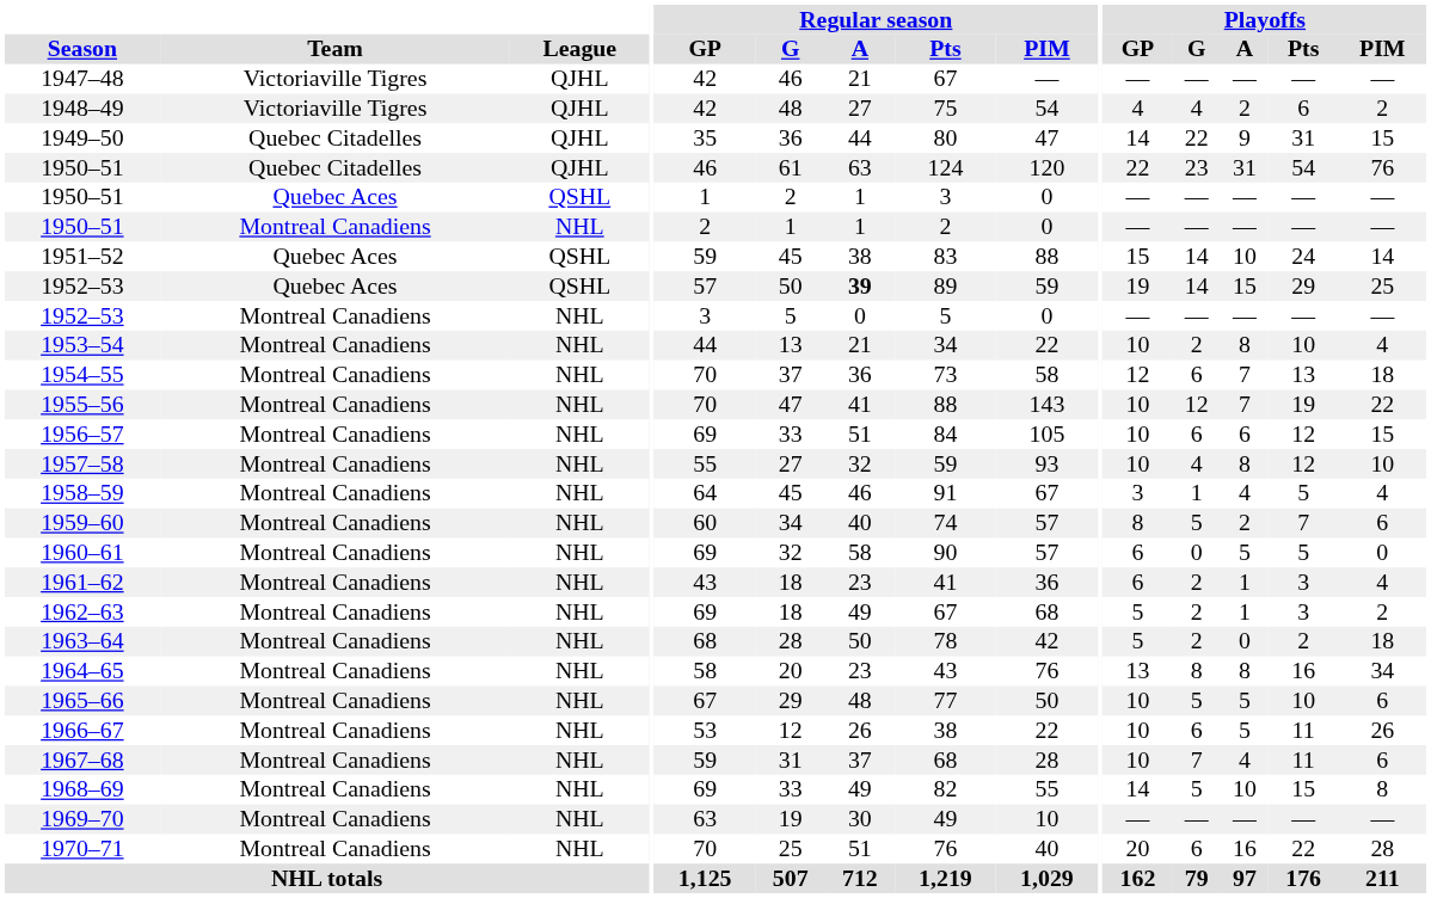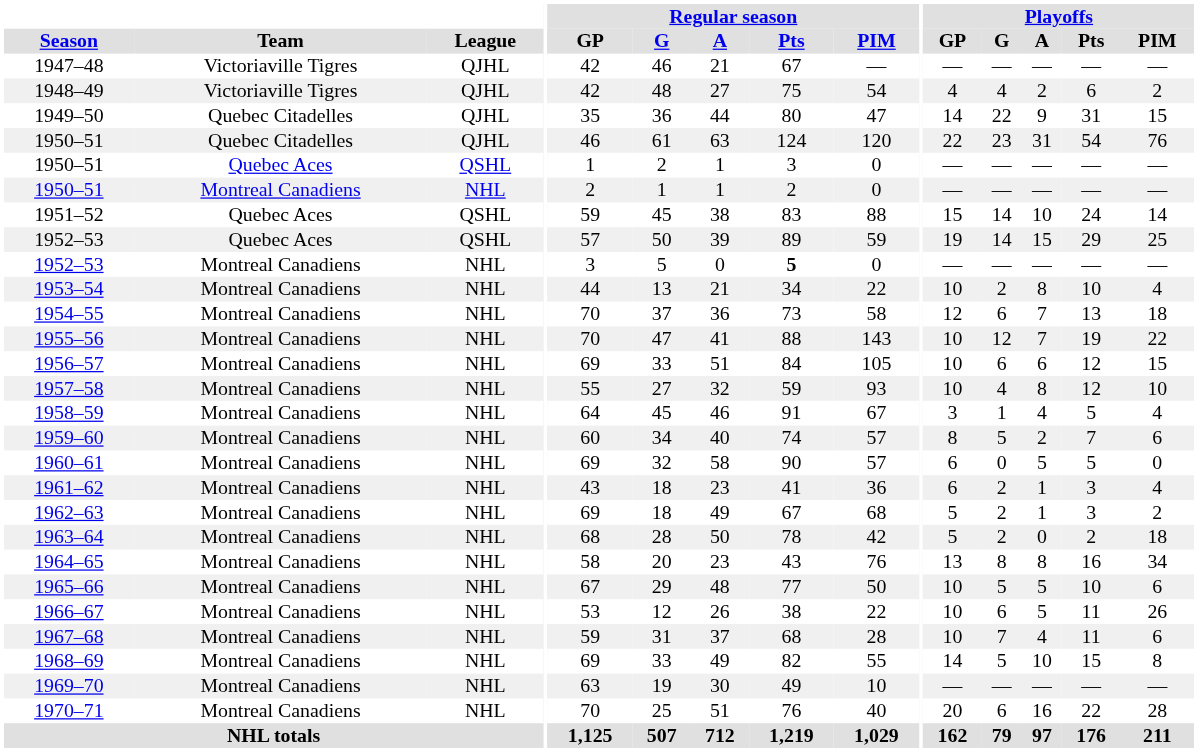 <table border="0" cellpadding="1" cellspacing="0" style="text-align:center; width:60em">
 <tr bgcolor="#e0e0e0">
 <th colspan="3" bgcolor="#ffffff"></th>
 <th rowspan="100" bgcolor="#ffffff"></th>
 <th colspan="5"><a href='#'>Regular season</a></th>
 <th rowspan="100" bgcolor="#ffffff"></th>
 <th colspan="5"><a href='#'>Playoffs</a></th>
 </tr>
 <tr bgcolor="#e0e0e0">
 <th><a href='#'>Season</a></th>
 <th>Team</th>
 <th>League</th>
 <th>GP</th>
 <th><a href='#'>G</a></th>
 <th><a href='#'>A</a></th>
 <th><a href='#'>Pts</a></th>
 <th><a href='#'>PIM</a></th>
 <th>GP</th>
 <th>G</th>
 <th>A</th>
 <th>Pts</th>
 <th>PIM</th>
 </tr>
 <tr>
 <td>1947–48</td>
 <td>Victoriaville Tigres</td>
 <td>QJHL</td>
 <td>42</td>
 <td>46</td>
 <td>21</td>
 <td>67</td>
 <td>—</td>
 <td>—</td>
 <td>—</td>
 <td>—</td>
 <td>—</td>
 <td>—</td>
 </tr>
 <tr bgcolor="#f0f0f0">
 <td>1948–49</td>
 <td>Victoriaville Tigres</td>
 <td>QJHL</td>
 <td>42</td>
 <td>48</td>
 <td>27</td>
 <td>75</td>
 <td>54</td>
 <td>4</td>
 <td>4</td>
 <td>2</td>
 <td>6</td>
 <td>2</td>
 </tr>
 <tr>
 <td>1949–50</td>
 <td>Quebec Citadelles</td>
 <td>QJHL</td>
 <td>35</td>
 <td>36</td>
 <td>44</td>
 <td>80</td>
 <td>47</td>
 <td>14</td>
 <td>22</td>
 <td>9</td>
 <td>31</td>
 <td>15</td>
 </tr>
 <tr bgcolor="#f0f0f0">
 <td>1950–51</td>
 <td>Quebec Citadelles</td>
 <td>QJHL</td>
 <td>46</td>
 <td>61</td>
 <td>63</td>
 <td>124</td>
 <td>120</td>
 <td>22</td>
 <td>23</td>
 <td>31</td>
 <td>54</td>
 <td>76</td>
 </tr>
 <tr>
 <td>1950–51</td>
 <td><a href='#'>Quebec Aces</a></td>
 <td><a href='#'>QSHL</a></td>
 <td>1</td>
 <td>2</td>
 <td>1</td>
 <td>3</td>
 <td>0</td>
 <td>—</td>
 <td>—</td>
 <td>—</td>
 <td>—</td>
 <td>—</td>
 </tr>
 <tr bgcolor="#f0f0f0">
 <td><a href='#'>1950–51</a></td>
 <td><a href='#'>Montreal Canadiens</a></td>
 <td><a href='#'>NHL</a></td>
 <td>2</td>
 <td>1</td>
 <td>1</td>
 <td>2</td>
 <td>0</td>
 <td>—</td>
 <td>—</td>
 <td>—</td>
 <td>—</td>
 <td>—</td>
 </tr>
 <tr>
 <td>1951–52</td>
 <td>Quebec Aces</td>
 <td>QSHL</td>
 <td>59</td>
 <td>45</td>
 <td>38</td>
 <td>83</td>
 <td>88</td>
 <td>15</td>
 <td>14</td>
 <td>10</td>
 <td>24</td>
 <td>14</td>
 </tr>
 <tr bgcolor="#f0f0f0">
 <td>1952–53</td>
 <td>Quebec Aces</td>
 <td>QSHL</td>
 <td>57</td>
 <td>50</td>
-<td><strong>39</strong></td>
+<td>39</td>
 <td>89</td>
 <td>59</td>
 <td>19</td>
 <td>14</td>
 <td>15</td>
 <td>29</td>
 <td>25</td>
 </tr>
 <tr>
 <td><a href='#'>1952–53</a></td>
 <td>Montreal Canadiens</td>
 <td>NHL</td>
 <td>3</td>
 <td>5</td>
 <td>0</td>
-<td>5</td>
+<td><strong>5</strong></td>
 <td>0</td>
 <td>—</td>
 <td>—</td>
 <td>—</td>
 <td>—</td>
 <td>—</td>
 </tr>
 <tr bgcolor="#f0f0f0">
 <td><a href='#'>1953–54</a></td>
 <td>Montreal Canadiens</td>
 <td>NHL</td>
 <td>44</td>
 <td>13</td>
 <td>21</td>
 <td>34</td>
 <td>22</td>
 <td>10</td>
 <td>2</td>
 <td>8</td>
 <td>10</td>
 <td>4</td>
 </tr>
 <tr>
 <td><a href='#'>1954–55</a></td>
 <td>Montreal Canadiens</td>
 <td>NHL</td>
 <td>70</td>
 <td>37</td>
 <td>36</td>
 <td>73</td>
 <td>58</td>
 <td>12</td>
 <td>6</td>
 <td>7</td>
 <td>13</td>
 <td>18</td>
 </tr>
 <tr bgcolor="#f0f0f0">
 <td><a href='#'>1955–56</a></td>
 <td>Montreal Canadiens</td>
 <td>NHL</td>
 <td>70</td>
 <td>47</td>
 <td>41</td>
 <td>88</td>
 <td>143</td>
 <td>10</td>
 <td>12</td>
 <td>7</td>
 <td>19</td>
 <td>22</td>
 </tr>
 <tr>
 <td><a href='#'>1956–57</a></td>
 <td>Montreal Canadiens</td>
 <td>NHL</td>
 <td>69</td>
 <td>33</td>
 <td>51</td>
 <td>84</td>
 <td>105</td>
 <td>10</td>
 <td>6</td>
 <td>6</td>
 <td>12</td>
 <td>15</td>
 </tr>
 <tr bgcolor="#f0f0f0">
 <td><a href='#'>1957–58</a></td>
 <td>Montreal Canadiens</td>
 <td>NHL</td>
 <td>55</td>
 <td>27</td>
 <td>32</td>
 <td>59</td>
 <td>93</td>
 <td>10</td>
 <td>4</td>
 <td>8</td>
 <td>12</td>
 <td>10</td>
 </tr>
 <tr>
 <td><a href='#'>1958–59</a></td>
 <td>Montreal Canadiens</td>
 <td>NHL</td>
 <td>64</td>
 <td>45</td>
 <td>46</td>
 <td>91</td>
 <td>67</td>
 <td>3</td>
 <td>1</td>
 <td>4</td>
 <td>5</td>
 <td>4</td>
 </tr>
 <tr bgcolor="#f0f0f0">
 <td><a href='#'>1959–60</a></td>
 <td>Montreal Canadiens</td>
 <td>NHL</td>
 <td>60</td>
 <td>34</td>
 <td>40</td>
 <td>74</td>
 <td>57</td>
 <td>8</td>
 <td>5</td>
 <td>2</td>
 <td>7</td>
 <td>6</td>
 </tr>
 <tr>
 <td><a href='#'>1960–61</a></td>
 <td>Montreal Canadiens</td>
 <td>NHL</td>
 <td>69</td>
 <td>32</td>
 <td>58</td>
 <td>90</td>
 <td>57</td>
 <td>6</td>
 <td>0</td>
 <td>5</td>
 <td>5</td>
 <td>0</td>
 </tr>
 <tr bgcolor="#f0f0f0">
 <td><a href='#'>1961–62</a></td>
 <td>Montreal Canadiens</td>
 <td>NHL</td>
 <td>43</td>
 <td>18</td>
 <td>23</td>
 <td>41</td>
 <td>36</td>
 <td>6</td>
 <td>2</td>
 <td>1</td>
 <td>3</td>
 <td>4</td>
 </tr>
 <tr>
 <td><a href='#'>1962–63</a></td>
 <td>Montreal Canadiens</td>
 <td>NHL</td>
 <td>69</td>
 <td>18</td>
 <td>49</td>
 <td>67</td>
 <td>68</td>
 <td>5</td>
 <td>2</td>
 <td>1</td>
 <td>3</td>
 <td>2</td>
 </tr>
 <tr bgcolor="#f0f0f0">
 <td><a href='#'>1963–64</a></td>
 <td>Montreal Canadiens</td>
 <td>NHL</td>
 <td>68</td>
 <td>28</td>
 <td>50</td>
 <td>78</td>
 <td>42</td>
 <td>5</td>
 <td>2</td>
 <td>0</td>
 <td>2</td>
 <td>18</td>
 </tr>
 <tr>
 <td><a href='#'>1964–65</a></td>
 <td>Montreal Canadiens</td>
 <td>NHL</td>
 <td>58</td>
 <td>20</td>
 <td>23</td>
 <td>43</td>
 <td>76</td>
 <td>13</td>
 <td>8</td>
 <td>8</td>
 <td>16</td>
 <td>34</td>
 </tr>
 <tr bgcolor="#f0f0f0">
 <td><a href='#'>1965–66</a></td>
 <td>Montreal Canadiens</td>
 <td>NHL</td>
 <td>67</td>
 <td>29</td>
 <td>48</td>
 <td>77</td>
 <td>50</td>
 <td>10</td>
 <td>5</td>
 <td>5</td>
 <td>10</td>
 <td>6</td>
 </tr>
 <tr>
 <td><a href='#'>1966–67</a></td>
 <td>Montreal Canadiens</td>
 <td>NHL</td>
 <td>53</td>
 <td>12</td>
 <td>26</td>
 <td>38</td>
 <td>22</td>
 <td>10</td>
 <td>6</td>
 <td>5</td>
 <td>11</td>
 <td>26</td>
 </tr>
 <tr bgcolor="#f0f0f0">
 <td><a href='#'>1967–68</a></td>
 <td>Montreal Canadiens</td>
 <td>NHL</td>
 <td>59</td>
 <td>31</td>
 <td>37</td>
 <td>68</td>
 <td>28</td>
 <td>10</td>
 <td>7</td>
 <td>4</td>
 <td>11</td>
 <td>6</td>
 </tr>
 <tr>
 <td><a href='#'>1968–69</a></td>
 <td>Montreal Canadiens</td>
 <td>NHL</td>
 <td>69</td>
 <td>33</td>
 <td>49</td>
 <td>82</td>
 <td>55</td>
 <td>14</td>
 <td>5</td>
 <td>10</td>
 <td>15</td>
 <td>8</td>
 </tr>
 <tr bgcolor="#f0f0f0">
 <td><a href='#'>1969–70</a></td>
 <td>Montreal Canadiens</td>
 <td>NHL</td>
 <td>63</td>
 <td>19</td>
 <td>30</td>
 <td>49</td>
 <td>10</td>
 <td>—</td>
 <td>—</td>
 <td>—</td>
 <td>—</td>
 <td>—</td>
 </tr>
 <tr>
 <td><a href='#'>1970–71</a></td>
 <td>Montreal Canadiens</td>
 <td>NHL</td>
 <td>70</td>
 <td>25</td>
 <td>51</td>
 <td>76</td>
 <td>40</td>
 <td>20</td>
 <td>6</td>
 <td>16</td>
 <td>22</td>
 <td>28</td>
 </tr>
 <tr bgcolor="#e0e0e0">
 <th colspan="3">NHL totals</th>
 <th>1,125</th>
 <th>507</th>
 <th>712</th>
 <th>1,219</th>
 <th>1,029</th>
 <th>162</th>
 <th>79</th>
 <th>97</th>
 <th>176</th>
 <th>211</th>
 </tr>
 </table>
